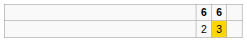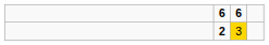 <table class="wikitable">
 <tr>
 <td style="width:18em"><strong></strong></td>
 <td align=center style="width:1em"><strong>6</strong></td>
 <td align=center style="width:1em"><strong>6</strong></td>
 <td align=center style="width:1em"></td>
 </tr>
 <tr>
 <td style="width:18em"></td>
-<td align=center style="width:1em">2</td>
+<td align=center style="width:1em"><strong>2</strong></td>
 <td align=center style="background: gold; width:1em">3</td>
 <td align=center style="width:1em"></td>
 </tr>
 </table>
